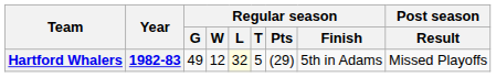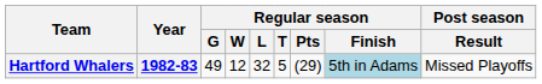 <table class="wikitable" style="font-size: 95%; text-align:center;">
 <tr>
 <th rowspan="2">Team</th>
 <th rowspan="2">Year</th>
 <th colspan="6">Regular season</th>
 <th colspan="1">Post season</th>
 </tr>
 <tr>
 <th>G</th>
 <th>W</th>
 <th>L</th>
 <th>T</th>
 <th>Pts</th>
 <th>Finish</th>
 <th>Result</th>
 </tr>
 <tr>
 <th><a href='#'>Hartford Whalers</a></th>
 <th><a href='#'>1982-83</a></th>
 <td>49</td>
 <td>12</td>
-<td style="background: lightyellow;">32</td>
+<td>32</td>
 <td>5</td>
 <td>(29)</td>
-<td>5th in Adams</td>
+<td style="background: lightblue;">5th in Adams</td>
 <td>Missed Playoffs</td>
 </tr>
 </table>
